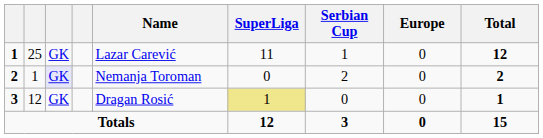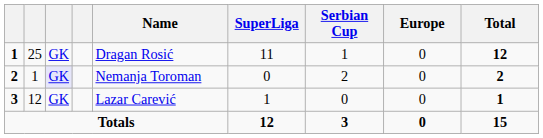 <table class="wikitable" style="text-align:center">
 <tr>
 <th width="15"></th>
 <th width="15"></th>
 <th width="15"></th>
 <th width="15"></th>
 <th width="145">Name</th>
 <th width="80"><strong><a href='#'>SuperLiga</a></strong></th>
 <th width="80"><strong><a href='#'>Serbian Cup</a></strong></th>
 <th width="80"><strong>Europe</strong></th>
 <th width="80">Total</th>
 </tr>
 <tr>
 <td><strong>1</strong></td>
 <td>25</td>
 <td><a href='#'>GK</a></td>
 <td></td>
-<td align="left"><a href='#'>Lazar Carević</a></td>
+<td align="left"><a href='#'>Dragan Rosić</a></td>
 <td>11</td>
 <td>1</td>
 <td>0</td>
 <td><strong>12</strong></td>
 </tr>
 <tr>
 <td><strong>2</strong></td>
 <td>1</td>
 <td style="background: lavender;"><a href='#'>GK</a></td>
 <td></td>
 <td align="left"><a href='#'>Nemanja Toroman</a></td>
 <td>0</td>
 <td>2</td>
 <td>0</td>
 <td><strong>2</strong></td>
 </tr>
 <tr>
 <td><strong>3</strong></td>
 <td>12</td>
 <td><a href='#'>GK</a></td>
 <td></td>
-<td align="left"><a href='#'>Dragan Rosić</a></td>
-<td style="background: khaki;">1</td>
+<td align="left"><a href='#'>Lazar Carević</a></td>
+<td>1</td>
 <td>0</td>
 <td>0</td>
 <td><strong>1</strong></td>
 </tr>
 <tr>
 <td colspan="5"><strong>Totals</strong></td>
 <td><strong>12</strong></td>
 <td><strong>3</strong></td>
 <td><strong>0</strong></td>
 <td><strong>15</strong></td>
 </tr>
 </table>
